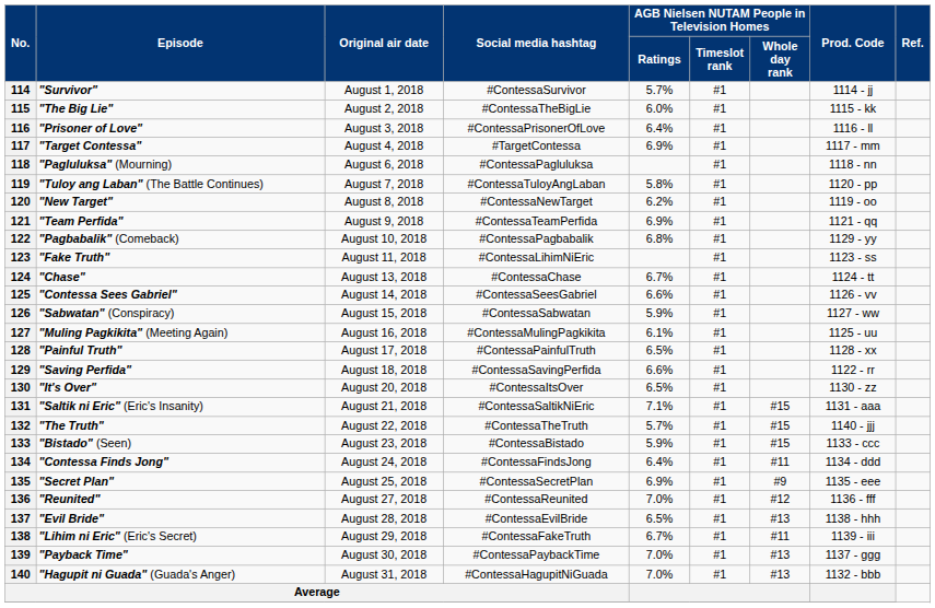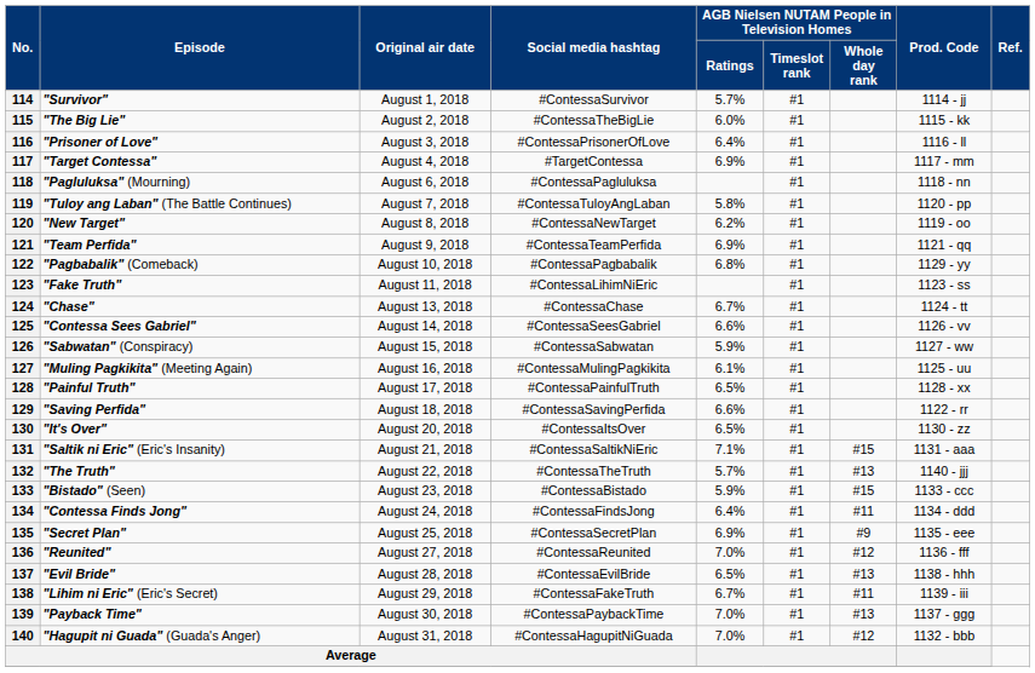 <table class="wikitable" style="text-align:center; font-size:100%; line-height:18px;" width="100%">
 <tr>
 <th style="background-color:#023472; color:#ffffff;" rowspan="2">No.</th>
 <th style="background-color:#023472; color:#ffffff;" rowspan="2">Episode</th>
 <th style="background-color:#023472; color:white" rowspan="2">Original air date</th>
 <th style="background-color:#023472; color:white" rowspan="2">Social media hashtag</th>
 <th style="background-color:#023472; color:#ffffff;" colspan="3">AGB Nielsen NUTAM People in Television Homes</th>
 <th style="background-color:#023472; color:white" rowspan="2">Prod. Code</th>
 <th style="background-color:#023472; color:#ffffff;" rowspan="2">Ref.</th>
 </tr>
 <tr>
 <th style="background-color:#023472; width:75px; color:#ffffff;">Ratings</th>
 <th style="background-color:#023472; width:75px; color:#ffffff;">Timeslot<br>rank</th>
 <th style="background-color:#023472; width:75px; color:#ffffff;">Whole day<br>rank</th>
 </tr>
 <tr>
 <th>114</th>
 <td style="text-align: left;"><strong><em>"Survivor"</em></strong></td>
 <td>August 1, 2018</td>
 <td>#ContessaSurvivor</td>
 <td>5.7%</td>
 <td>#1</td>
 <td></td>
 <td>1114 - jj</td>
 <td></td>
 </tr>
 <tr>
 <th>115</th>
 <td style="text-align: left;"><strong><em>"The Big Lie"</em></strong></td>
 <td>August 2, 2018</td>
 <td>#ContessaTheBigLie</td>
 <td>6.0%</td>
 <td>#1</td>
 <td></td>
 <td>1115 - kk</td>
 <td></td>
 </tr>
 <tr>
 <th>116</th>
 <td style="text-align: left;"><strong><em>"Prisoner of Love"</em></strong></td>
 <td>August 3, 2018</td>
 <td>#ContessaPrisonerOfLove</td>
 <td>6.4%</td>
 <td>#1</td>
 <td></td>
 <td>1116 - ll</td>
 <td></td>
 </tr>
 <tr>
 <th>117</th>
 <td style="text-align: left;"><strong><em>"Target Contessa"</em></strong></td>
 <td>August 4, 2018</td>
 <td>#TargetContessa</td>
 <td>6.9%</td>
 <td>#1</td>
 <td></td>
 <td>1117 - mm</td>
 <td></td>
 </tr>
 <tr>
 <th>118</th>
 <td style="text-align: left;"><strong><em>"Pagluluksa"</em></strong> (Mourning)</td>
 <td>August 6, 2018</td>
 <td>#ContessaPagluluksa</td>
 <td></td>
 <td>#1</td>
 <td></td>
 <td>1118 - nn</td>
 <td></td>
 </tr>
 <tr>
 <th>119</th>
 <td style="text-align: left;"><strong><em>"Tuloy ang Laban"</em></strong> (The Battle Continues)</td>
 <td>August 7, 2018</td>
 <td>#ContessaTuloyAngLaban</td>
 <td>5.8%</td>
 <td>#1</td>
 <td></td>
 <td>1120 - pp</td>
 <td></td>
 </tr>
 <tr>
 <th>120</th>
 <td style="text-align: left;"><strong><em>"New Target"</em></strong></td>
 <td>August 8, 2018</td>
 <td>#ContessaNewTarget</td>
 <td>6.2%</td>
 <td>#1</td>
 <td></td>
 <td>1119 - oo</td>
 <td></td>
 </tr>
 <tr>
 <th>121</th>
 <td style="text-align: left;"><strong><em>"Team Perfida"</em></strong></td>
 <td>August 9, 2018</td>
 <td>#ContessaTeamPerfida</td>
 <td>6.9%</td>
 <td>#1</td>
 <td></td>
 <td>1121 - qq</td>
 <td></td>
 </tr>
 <tr>
 <th>122</th>
 <td style="text-align: left;"><strong><em>"Pagbabalik"</em></strong> (Comeback)</td>
 <td>August 10, 2018</td>
 <td>#ContessaPagbabalik</td>
 <td>6.8%</td>
 <td>#1</td>
 <td></td>
 <td>1129 - yy</td>
 <td></td>
 </tr>
 <tr>
 <th>123</th>
 <td style="text-align: left;"><strong><em>"Fake Truth"</em></strong></td>
 <td>August 11, 2018</td>
 <td>#ContessaLihimNiEric</td>
 <td></td>
 <td>#1</td>
 <td></td>
 <td>1123 - ss</td>
 <td></td>
 </tr>
 <tr>
 <th>124</th>
 <td style="text-align: left;"><strong><em>"Chase"</em></strong></td>
 <td>August 13, 2018</td>
 <td>#ContessaChase</td>
 <td>6.7%</td>
 <td>#1</td>
 <td></td>
 <td>1124 - tt</td>
 <td></td>
 </tr>
 <tr>
 <th>125</th>
 <td style="text-align: left;"><strong><em>"Contessa Sees Gabriel"</em></strong></td>
 <td>August 14, 2018</td>
 <td>#ContessaSeesGabriel</td>
 <td>6.6%</td>
 <td>#1</td>
 <td></td>
 <td>1126 - vv</td>
 <td></td>
 </tr>
 <tr>
 <th>126</th>
 <td style="text-align: left;"><strong><em>"Sabwatan"</em></strong> (Conspiracy)</td>
 <td>August 15, 2018</td>
 <td>#ContessaSabwatan</td>
 <td>5.9%</td>
 <td>#1</td>
 <td></td>
 <td>1127 - ww</td>
 <td></td>
 </tr>
 <tr>
 <th>127</th>
 <td style="text-align: left;"><strong><em>"Muling Pagkikita"</em></strong> (Meeting Again)</td>
 <td>August 16, 2018</td>
 <td>#ContessaMulingPagkikita</td>
 <td>6.1%</td>
 <td>#1</td>
 <td></td>
 <td>1125 - uu</td>
 <td></td>
 </tr>
 <tr>
 <th>128</th>
 <td style="text-align: left;"><strong><em>"Painful Truth"</em></strong></td>
 <td>August 17, 2018</td>
 <td>#ContessaPainfulTruth</td>
 <td>6.5%</td>
 <td>#1</td>
 <td></td>
 <td>1128 - xx</td>
 <td></td>
 </tr>
 <tr>
 <th>129</th>
 <td style="text-align: left;"><strong><em>"Saving Perfida"</em></strong></td>
 <td>August 18, 2018</td>
 <td>#ContessaSavingPerfida</td>
 <td>6.6%</td>
 <td>#1</td>
 <td></td>
 <td>1122 - rr</td>
 <td></td>
 </tr>
 <tr>
 <th>130</th>
 <td style="text-align: left;"><strong><em>"It's Over"</em></strong></td>
 <td>August 20, 2018</td>
 <td>#ContessaItsOver</td>
 <td>6.5%</td>
 <td>#1</td>
 <td></td>
 <td>1130 - zz</td>
 <td></td>
 </tr>
 <tr>
 <th>131</th>
 <td style="text-align: left;"><strong><em>"Saltik ni Eric"</em></strong> (Eric's Insanity)</td>
 <td>August 21, 2018</td>
 <td>#ContessaSaltikNiEric</td>
 <td>7.1%</td>
 <td>#1</td>
 <td>#15</td>
 <td>1131 - aaa</td>
 <td></td>
 </tr>
 <tr>
 <th>132</th>
 <td style="text-align: left;"><strong><em>"The Truth"</em></strong></td>
 <td>August 22, 2018</td>
 <td>#ContessaTheTruth</td>
 <td>5.7%</td>
 <td>#1</td>
-<td>#15</td>
+<td>#13</td>
 <td>1140 - jjj</td>
 <td></td>
 </tr>
 <tr>
 <th>133</th>
 <td style="text-align: left;"><strong><em>"Bistado"</em></strong> (Seen)</td>
 <td>August 23, 2018</td>
 <td>#ContessaBistado</td>
 <td>5.9%</td>
 <td>#1</td>
 <td>#15</td>
 <td>1133 - ccc</td>
 <td></td>
 </tr>
 <tr>
 <th>134</th>
 <td style="text-align: left;"><strong><em>"Contessa Finds Jong"</em></strong></td>
 <td>August 24, 2018</td>
 <td>#ContessaFindsJong</td>
 <td>6.4%</td>
 <td>#1</td>
 <td>#11</td>
 <td>1134 - ddd</td>
 <td></td>
 </tr>
 <tr>
 <th>135</th>
 <td style="text-align: left;"><strong><em>"Secret Plan"</em></strong></td>
 <td>August 25, 2018</td>
 <td>#ContessaSecretPlan</td>
 <td>6.9%</td>
 <td>#1</td>
 <td>#9</td>
 <td>1135 - eee</td>
 <td></td>
 </tr>
 <tr>
 <th>136</th>
 <td style="text-align: left;"><strong><em>"Reunited"</em></strong></td>
 <td>August 27, 2018</td>
 <td>#ContessaReunited</td>
 <td>7.0%</td>
 <td>#1</td>
 <td>#12</td>
 <td>1136 - fff</td>
 <td></td>
 </tr>
 <tr>
 <th>137</th>
 <td style="text-align: left;"><strong><em>"Evil Bride"</em></strong></td>
 <td>August 28, 2018</td>
 <td>#ContessaEvilBride</td>
 <td>6.5%</td>
 <td>#1</td>
 <td>#13</td>
 <td>1138 - hhh</td>
 <td></td>
 </tr>
 <tr>
 <th>138</th>
 <td style="text-align: left;"><strong><em>"Lihim ni Eric"</em></strong> (Eric's Secret)</td>
 <td>August 29, 2018</td>
 <td>#ContessaFakeTruth</td>
 <td>6.7%</td>
 <td>#1</td>
 <td>#11</td>
 <td>1139 - iii</td>
 <td></td>
 </tr>
 <tr>
 <th>139</th>
 <td style="text-align: left;"><strong><em>"Payback Time"</em></strong></td>
 <td>August 30, 2018</td>
 <td>#ContessaPaybackTime</td>
 <td>7.0%</td>
 <td>#1</td>
 <td>#13</td>
 <td>1137 - ggg</td>
 <td></td>
 </tr>
 <tr>
 <th>140</th>
 <td style="text-align: left;"><strong><em>"Hagupit ni Guada"</em></strong> (Guada's Anger)</td>
 <td>August 31, 2018</td>
 <td>#ContessaHagupitNiGuada</td>
 <td>7.0%</td>
 <td>#1</td>
-<td>#13</td>
+<td>#12</td>
 <td>1132 - bbb</td>
 <td></td>
 </tr>
 <tr>
 <th colspan="4">Average</th>
 <th colspan="3"></th>
 <th></th>
 </tr>
 <tr>
 </tr>
 </table>
